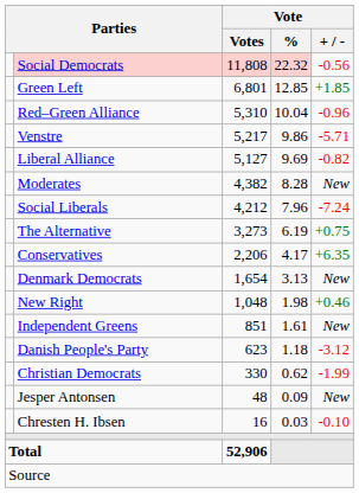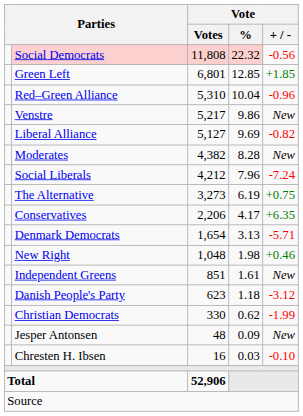 <table class="wikitable" style="text-align:right;">
 <tr>
 <th style="text-align:centre;" rowspan="2" colspan="2" width="225">Parties</th>
 <th colspan="3">Vote</th>
 </tr>
 <tr>
 <th width="15">Votes</th>
 <th width="15">%</th>
 <th width="15">+ / -</th>
 </tr>
 <tr>
 <td width="2" style="color:inherit;background:"></td>
 <td bgcolor=#fbd0ce  align="left"><a href='#'>Social Democrats</a></td>
 <td bgcolor=#fbd0ce>11,808</td>
 <td bgcolor=#fbd0ce>22.32</td>
 <td style=color:red;>-0.56</td>
 </tr>
 <tr>
 <td width="2" style="color:inherit;background:"></td>
 <td align="left"><a href='#'>Green Left</a></td>
 <td>6,801</td>
 <td>12.85</td>
 <td style=color:green;>+1.85</td>
 </tr>
 <tr>
 <td width="2" style="color:inherit;background:"></td>
 <td align="left"><a href='#'>Red–Green Alliance</a></td>
 <td>5,310</td>
 <td>10.04</td>
 <td style=color:red;>-0.96</td>
 </tr>
 <tr>
 <td width="2" style="color:inherit;background:"></td>
 <td align="left"><a href='#'>Venstre</a></td>
 <td>5,217</td>
 <td>9.86</td>
-<td style=color:red;>-5.71</td>
+<td><em>New</em></td>
 </tr>
 <tr>
 <td width="2" style="color:inherit;background:"></td>
 <td align="left"><a href='#'>Liberal Alliance</a></td>
 <td>5,127</td>
 <td>9.69</td>
 <td style=color:red;>-0.82</td>
 </tr>
 <tr>
 <td width="2" style="color:inherit;background:"></td>
 <td align="left"><a href='#'>Moderates</a></td>
 <td>4,382</td>
 <td>8.28</td>
 <td><em>New</em></td>
 </tr>
 <tr>
 <td width="2" style="color:inherit;background:"></td>
 <td align="left"><a href='#'>Social Liberals</a></td>
 <td>4,212</td>
 <td>7.96</td>
 <td style=color:red;>-7.24</td>
 </tr>
 <tr>
 <td width="2" style="color:inherit;background:"></td>
 <td align="left"><a href='#'>The Alternative</a></td>
 <td>3,273</td>
 <td>6.19</td>
 <td style=color:green;>+0.75</td>
 </tr>
 <tr>
 <td width="2" style="color:inherit;background:"></td>
 <td align="left"><a href='#'>Conservatives</a></td>
 <td>2,206</td>
 <td>4.17</td>
 <td style=color:green;>+6.35</td>
 </tr>
 <tr>
 <td width="2" style="color:inherit;background:"></td>
 <td align="left"><a href='#'>Denmark Democrats</a></td>
 <td>1,654</td>
 <td>3.13</td>
-<td><em>New</em></td>
+<td style=color:red;>-5.71</td>
 </tr>
 <tr>
 <td width="2" style="color:inherit;background:"></td>
 <td align="left"><a href='#'>New Right</a></td>
 <td>1,048</td>
 <td>1.98</td>
 <td style=color:green;>+0.46</td>
 </tr>
 <tr>
 <td width="2" style="color:inherit;background:"></td>
 <td align="left"><a href='#'>Independent Greens</a></td>
 <td>851</td>
 <td>1.61</td>
 <td><em>New</em></td>
 </tr>
 <tr>
 <td width="2" style="color:inherit;background:"></td>
 <td align="left"><a href='#'>Danish People's Party</a></td>
 <td>623</td>
 <td>1.18</td>
 <td style=color:red;>-3.12</td>
 </tr>
 <tr>
 <td width="2" style="color:inherit;background:"></td>
 <td align="left"><a href='#'>Christian Democrats</a></td>
 <td>330</td>
 <td>0.62</td>
 <td style=color:red;>-1.99</td>
 </tr>
 <tr>
 <td width="2" style="color:inherit;background:"></td>
 <td align="left">Jesper Antonsen</td>
 <td>48</td>
 <td>0.09</td>
 <td><em>New</em></td>
 </tr>
 <tr>
 <td width="2" style="color:inherit;background:"></td>
 <td align="left">Chresten H. Ibsen</td>
 <td>16</td>
 <td>0.03</td>
 <td style=color:red;>-0.10</td>
 </tr>
 <tr>
 <td colspan="7" bgcolor="#E9E9E9"></td>
 </tr>
 <tr>
 <td align="left" colspan="2"><strong>Total</strong></td>
 <td><strong>52,906</strong></td>
 <td bgcolor="#E9E9E9" colspan="2"></td>
 </tr>
 <tr>
 <td align="left" colspan="6">Source</td>
 </tr>
 </table>
